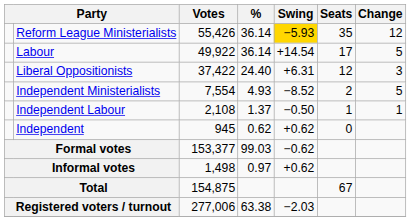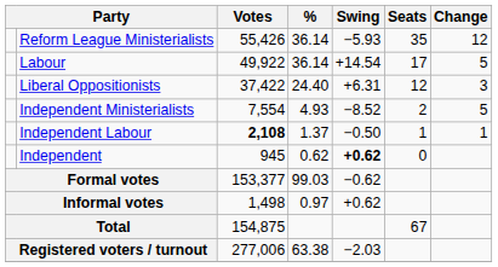 <table class="wikitable" style="text-align:right; margin-bottom:0">
 <tr>
 <th style="width:10px;" colspan=3>Party</th>
 <th style="width:70px;">Votes</th>
 <th style="width:40px;">%</th>
 <th style="width:40px;">Swing</th>
 <th style="width:40px;">Seats</th>
 <th style="width:40px;">Change</th>
 </tr>
 <tr>
 <td> </td>
 <td style="text-align:left;" colspan="2"><a href='#'>Reform League Ministerialists</a></td>
 <td style="width:70px;">55,426</td>
 <td style="width:40px;">36.14</td>
-<td style="background: gold; width:45px;">−5.93</td>
+<td style="width:45px;">−5.93</td>
 <td style="width:40px;">35</td>
 <td style="width:55px;"> 12</td>
 </tr>
 <tr>
 <td> </td>
 <td style="text-align:left;" colspan="2"><a href='#'>Labour</a></td>
 <td style="width:70px;">49,922</td>
 <td style="width:40px;">36.14</td>
 <td style="width:45px;">+14.54</td>
 <td style="width:40px;">17</td>
 <td style="width:55px;"> 5</td>
 </tr>
 <tr>
 <td> </td>
 <td style="text-align:left;" colspan="2"><a href='#'>Liberal Oppositionists</a></td>
 <td style="width:70px;">37,422</td>
 <td style="width:40px;">24.40</td>
 <td style="width:45px;">+6.31</td>
 <td style="width:40px;">12</td>
 <td style="width:55px;"> 3</td>
 </tr>
 <tr>
 <td> </td>
 <td style="text-align:left;" colspan="2"><a href='#'>Independent Ministerialists</a></td>
 <td>7,554</td>
 <td>4.93</td>
 <td>−8.52</td>
 <td>2</td>
 <td> 5</td>
 </tr>
 <tr>
 <td> </td>
 <td style="text-align:left;" colspan="2"><a href='#'>Independent Labour</a></td>
-<td>2,108</td>
+<td><strong>2,108</strong></td>
 <td>1.37</td>
 <td>−0.50</td>
 <td>1</td>
 <td> 1</td>
 </tr>
 <tr>
 <td> </td>
 <td style="text-align:left;" colspan="2"><a href='#'>Independent</a></td>
 <td style="width:70px;">945</td>
 <td style="width:40px;">0.62</td>
-<td style="width:45px;">+0.62</td>
+<td style="width:45px;"><strong>+0.62</strong></td>
 <td style="width:40px;">0</td>
 <td style="width:55px;"></td>
 </tr>
 <tr>
 <th colspan="3"> Formal votes</th>
 <td>153,377</td>
 <td>99.03</td>
 <td>−0.62</td>
 <td></td>
 <td></td>
 </tr>
 <tr>
 <th colspan="3"> Informal votes</th>
 <td>1,498</td>
 <td>0.97</td>
 <td>+0.62</td>
 <td></td>
 <td></td>
 </tr>
 <tr>
 <th colspan="3"> Total</th>
 <td>154,875</td>
 <td></td>
 <td></td>
 <td>67</td>
 <td></td>
 </tr>
 <tr>
 <th colspan="3"> Registered voters / turnout</th>
 <td>277,006</td>
 <td>63.38</td>
 <td>−2.03</td>
 <td></td>
 <td></td>
 </tr>
 <tr>
 </tr>
 </table>
